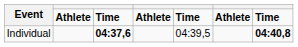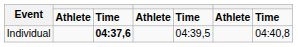 <table class="wikitable">
 <tr>
 <th rowspan="2">Event</th>
 <th colspan="2"></th>
 <th colspan="2"></th>
 <th colspan="2"></th>
 </tr>
 <tr>
 <td><strong>Athlete</strong></td>
 <td><strong>Time</strong></td>
 <td><strong>Athlete</strong></td>
 <td><strong>Time</strong></td>
 <td><strong>Athlete</strong></td>
 <td><strong>Time</strong></td>
 </tr>
 <tr>
 <td>Individual</td>
 <td></td>
 <td><strong>04:37,6</strong></td>
 <td></td>
 <td>04:39,5</td>
 <td></td>
-<td><strong>04:40,8</strong></td>
+<td>04:40,8</td>
 </tr>
 </table>
